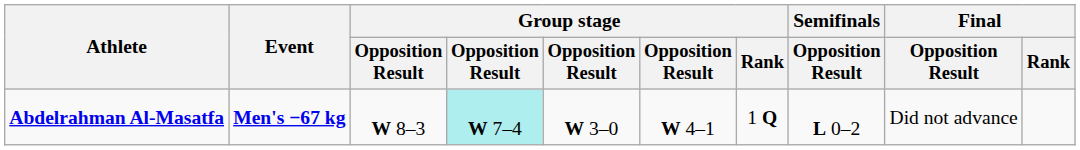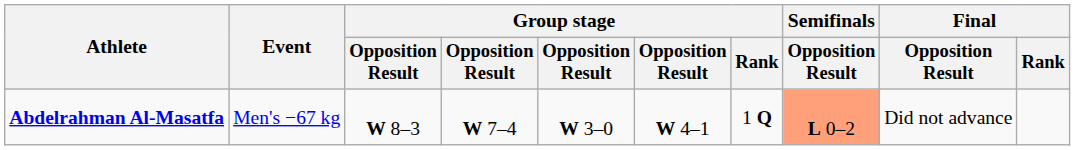 <table class="wikitable" style="font-size:90%;">
 <tr>
 <th rowspan=2>Athlete</th>
 <th rowspan=2>Event</th>
 <th colspan=5>Group stage</th>
 <th>Semifinals</th>
 <th colspan=2>Final</th>
 </tr>
 <tr style="font-size:95%">
 <th>Opposition<br>Result</th>
 <th>Opposition<br>Result</th>
 <th>Opposition<br>Result</th>
 <th>Opposition<br>Result</th>
 <th>Rank</th>
 <th>Opposition<br>Result</th>
 <th>Opposition<br>Result</th>
 <th>Rank</th>
 </tr>
 <tr align=center>
 <td align=left><strong><a href='#'>Abdelrahman Al-Masatfa</a></strong></td>
-<td align=left><strong><a href='#'>Men's −67 kg</a></strong></td>
+<td align=left><a href='#'>Men's −67 kg</a></td>
 <td><br><strong>W</strong> 8–3</td>
-<td style="background: paleturquoise;"><br><strong>W</strong> 7–4</td>
+<td><br><strong>W</strong> 7–4</td>
 <td><br><strong>W</strong> 3–0</td>
 <td><br><strong>W</strong> 4–1</td>
 <td>1 <strong>Q</strong></td>
-<td><br><strong>L</strong> 0–2</td>
+<td style="background: lightsalmon;"><br><strong>L</strong> 0–2</td>
 <td>Did not advance</td>
 <td></td>
 </tr>
 </table>
